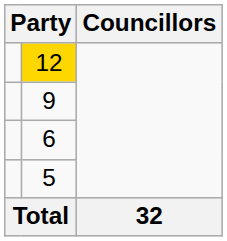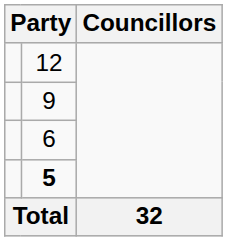 <table class="wikitable">
 <tr>
 <th colspan=2>Party</th>
 <th>Councillors</th>
 </tr>
 <tr>
 <td></td>
-<td align=center style="background: gold;">12</td>
+<td align=center>12</td>
 </tr>
 <tr>
 <td></td>
 <td align=center>9</td>
 </tr>
 <tr>
 <td></td>
 <td align=center>6</td>
 </tr>
 <tr>
 <td></td>
-<td align=center>5</td>
+<td align=center><strong>5</strong></td>
 </tr>
 <tr>
 <th colspan=2>Total</th>
 <th align=center>32</th>
 </tr>
 </table>
